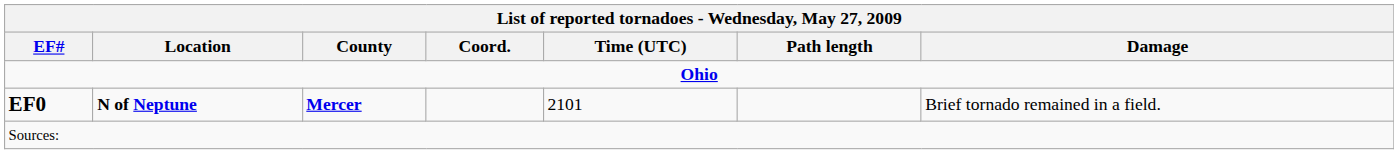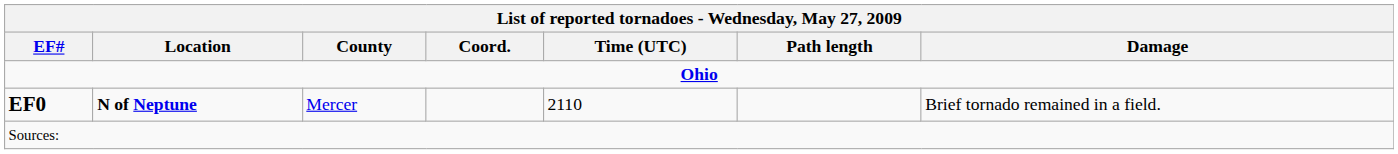 <table class="wikitable collapsible" width="100%">
 <tr>
 <th colspan="7">List of reported tornadoes - Wednesday, May 27, 2009</th>
 </tr>
 <tr>
 <th><a href='#'>EF#</a></th>
 <th>Location</th>
 <th>County</th>
 <th>Coord.</th>
 <th>Time (UTC)</th>
 <th>Path length</th>
 <th>Damage</th>
 </tr>
 <tr>
 <td colspan="7" align=center><strong><a href='#'>Ohio</a></strong></td>
 </tr>
 <tr>
 <td><big><strong>EF0</strong></big></td>
 <td><strong>N of <a href='#'>Neptune</a></strong></td>
-<td><strong><a href='#'>Mercer</a></strong></td>
+<td><a href='#'>Mercer</a></td>
 <td></td>
-<td>2101</td>
+<td>2110</td>
 <td></td>
 <td>Brief tornado remained in a field.</td>
 </tr>
 <tr>
 <td colspan="7"><small>Sources: </small></td>
 </tr>
 </table>
